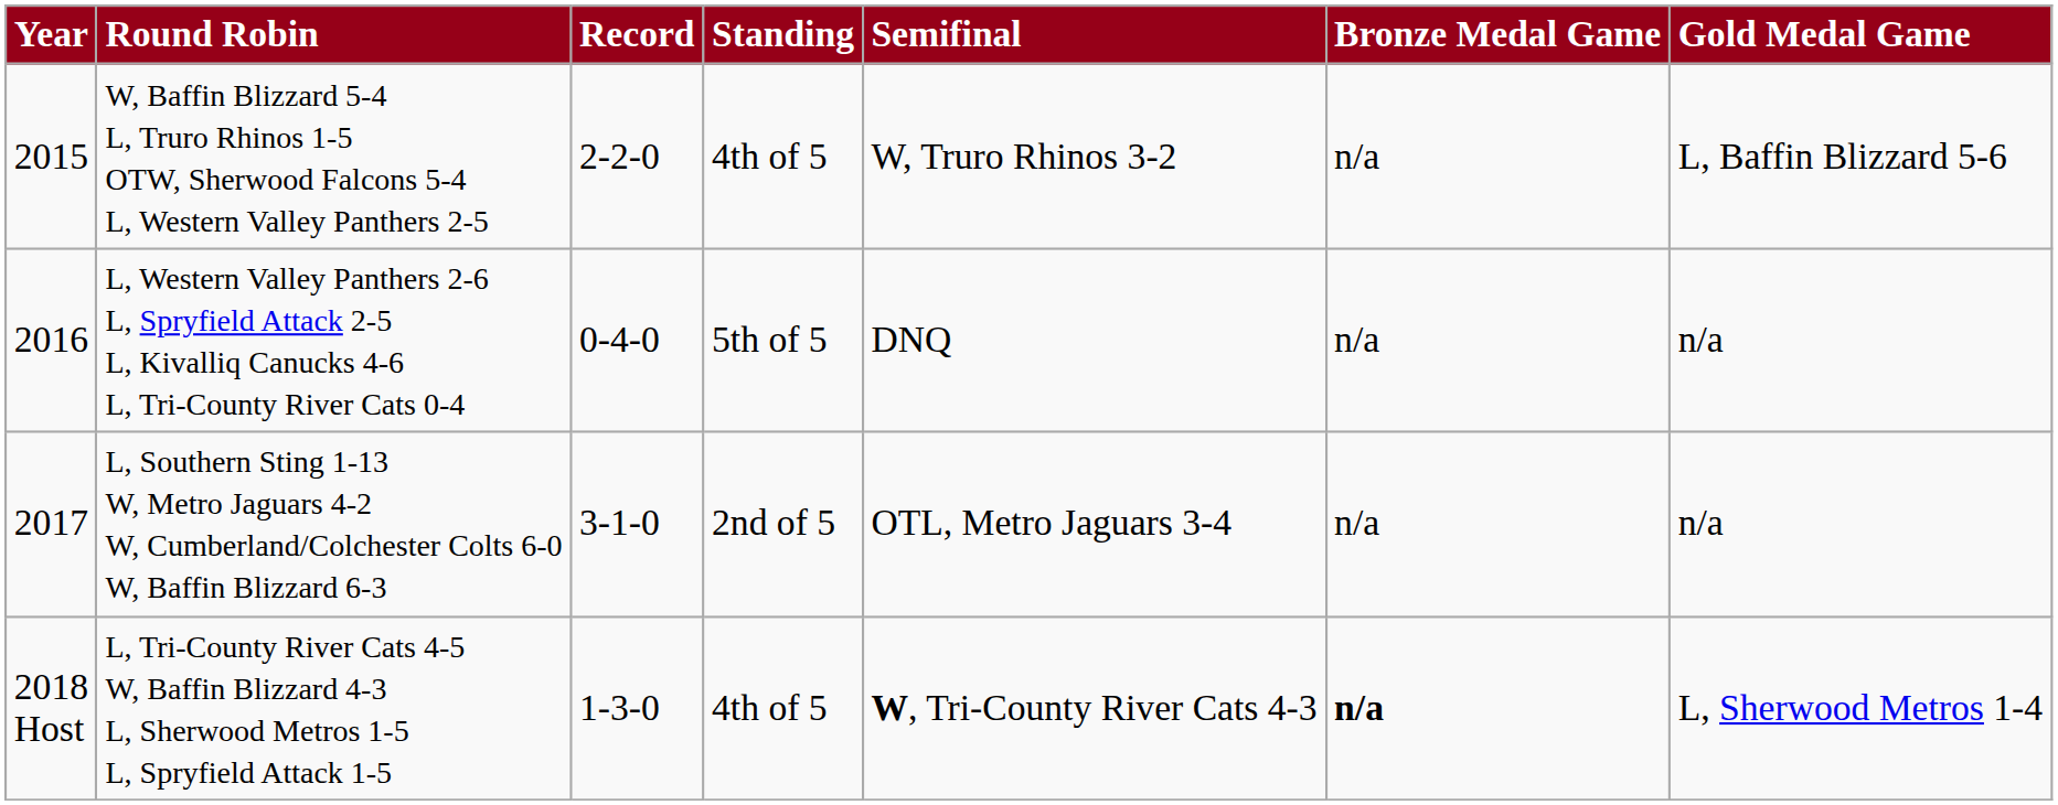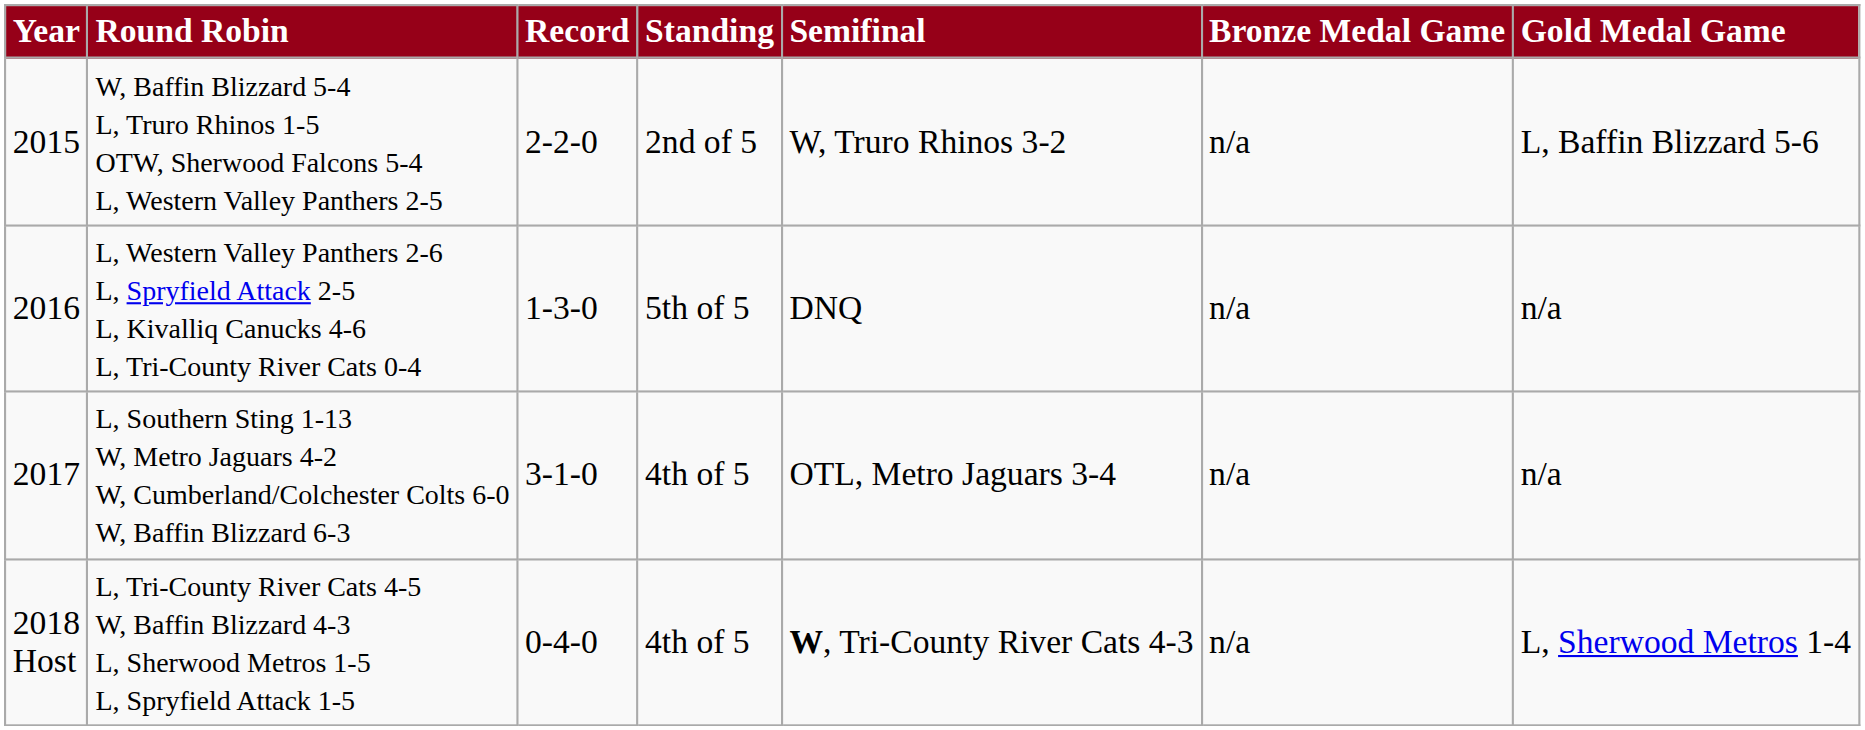 <table class="wikitable">
 <tr style="font-weight:bold; color:#FFFFFF" bgcolor="#960018" |>
 <td>Year</td>
 <td>Round Robin</td>
 <td>Record</td>
 <td>Standing</td>
 <td>Semifinal</td>
 <td>Bronze Medal Game</td>
 <td>Gold Medal Game</td>
 </tr>
 <tr>
 <td>2015</td>
 <td><small> W, Baffin Blizzard 5-4<br>L, Truro Rhinos 1-5<br>OTW, Sherwood Falcons 5-4<br>L, Western Valley Panthers 2-5</small></td>
 <td>2-2-0</td>
-<td>4th of 5</td>
+<td>2nd of 5</td>
 <td>W, Truro Rhinos 3-2</td>
 <td>n/a</td>
 <td>L, Baffin Blizzard 5-6</td>
 </tr>
 <tr>
 <td>2016</td>
 <td><small> L, Western Valley Panthers 2-6<br>L, <a href='#'>Spryfield Attack</a> 2-5<br>L, Kivalliq Canucks 4-6<br>L, Tri-County River Cats 0-4</small></td>
-<td>0-4-0</td>
+<td>1-3-0</td>
 <td>5th of 5</td>
 <td>DNQ</td>
 <td>n/a</td>
 <td>n/a</td>
 </tr>
 <tr>
 <td>2017</td>
 <td><small> L, Southern Sting 1-13<br>W, Metro Jaguars 4-2<br>W, Cumberland/Colchester Colts 6-0<br>W, Baffin Blizzard 6-3</small></td>
 <td>3-1-0</td>
-<td>2nd of 5</td>
+<td>4th of 5</td>
 <td>OTL, Metro Jaguars 3-4</td>
 <td>n/a</td>
 <td>n/a</td>
 </tr>
 <tr>
 <td>2018<br>Host</td>
 <td><small> L, Tri-County River Cats 4-5<br>W, Baffin Blizzard 4-3<br>L, Sherwood Metros 1-5</small><small><br>L, Spryfield Attack 1-5</small></td>
-<td>1-3-0</td>
+<td>0-4-0</td>
 <td>4th of 5</td>
 <td><strong>W</strong>, Tri-County River Cats 4-3</td>
-<td><strong>n/a</strong></td>
+<td>n/a</td>
 <td>L, <a href='#'>Sherwood Metros</a> 1-4</td>
 </tr>
 </table>
